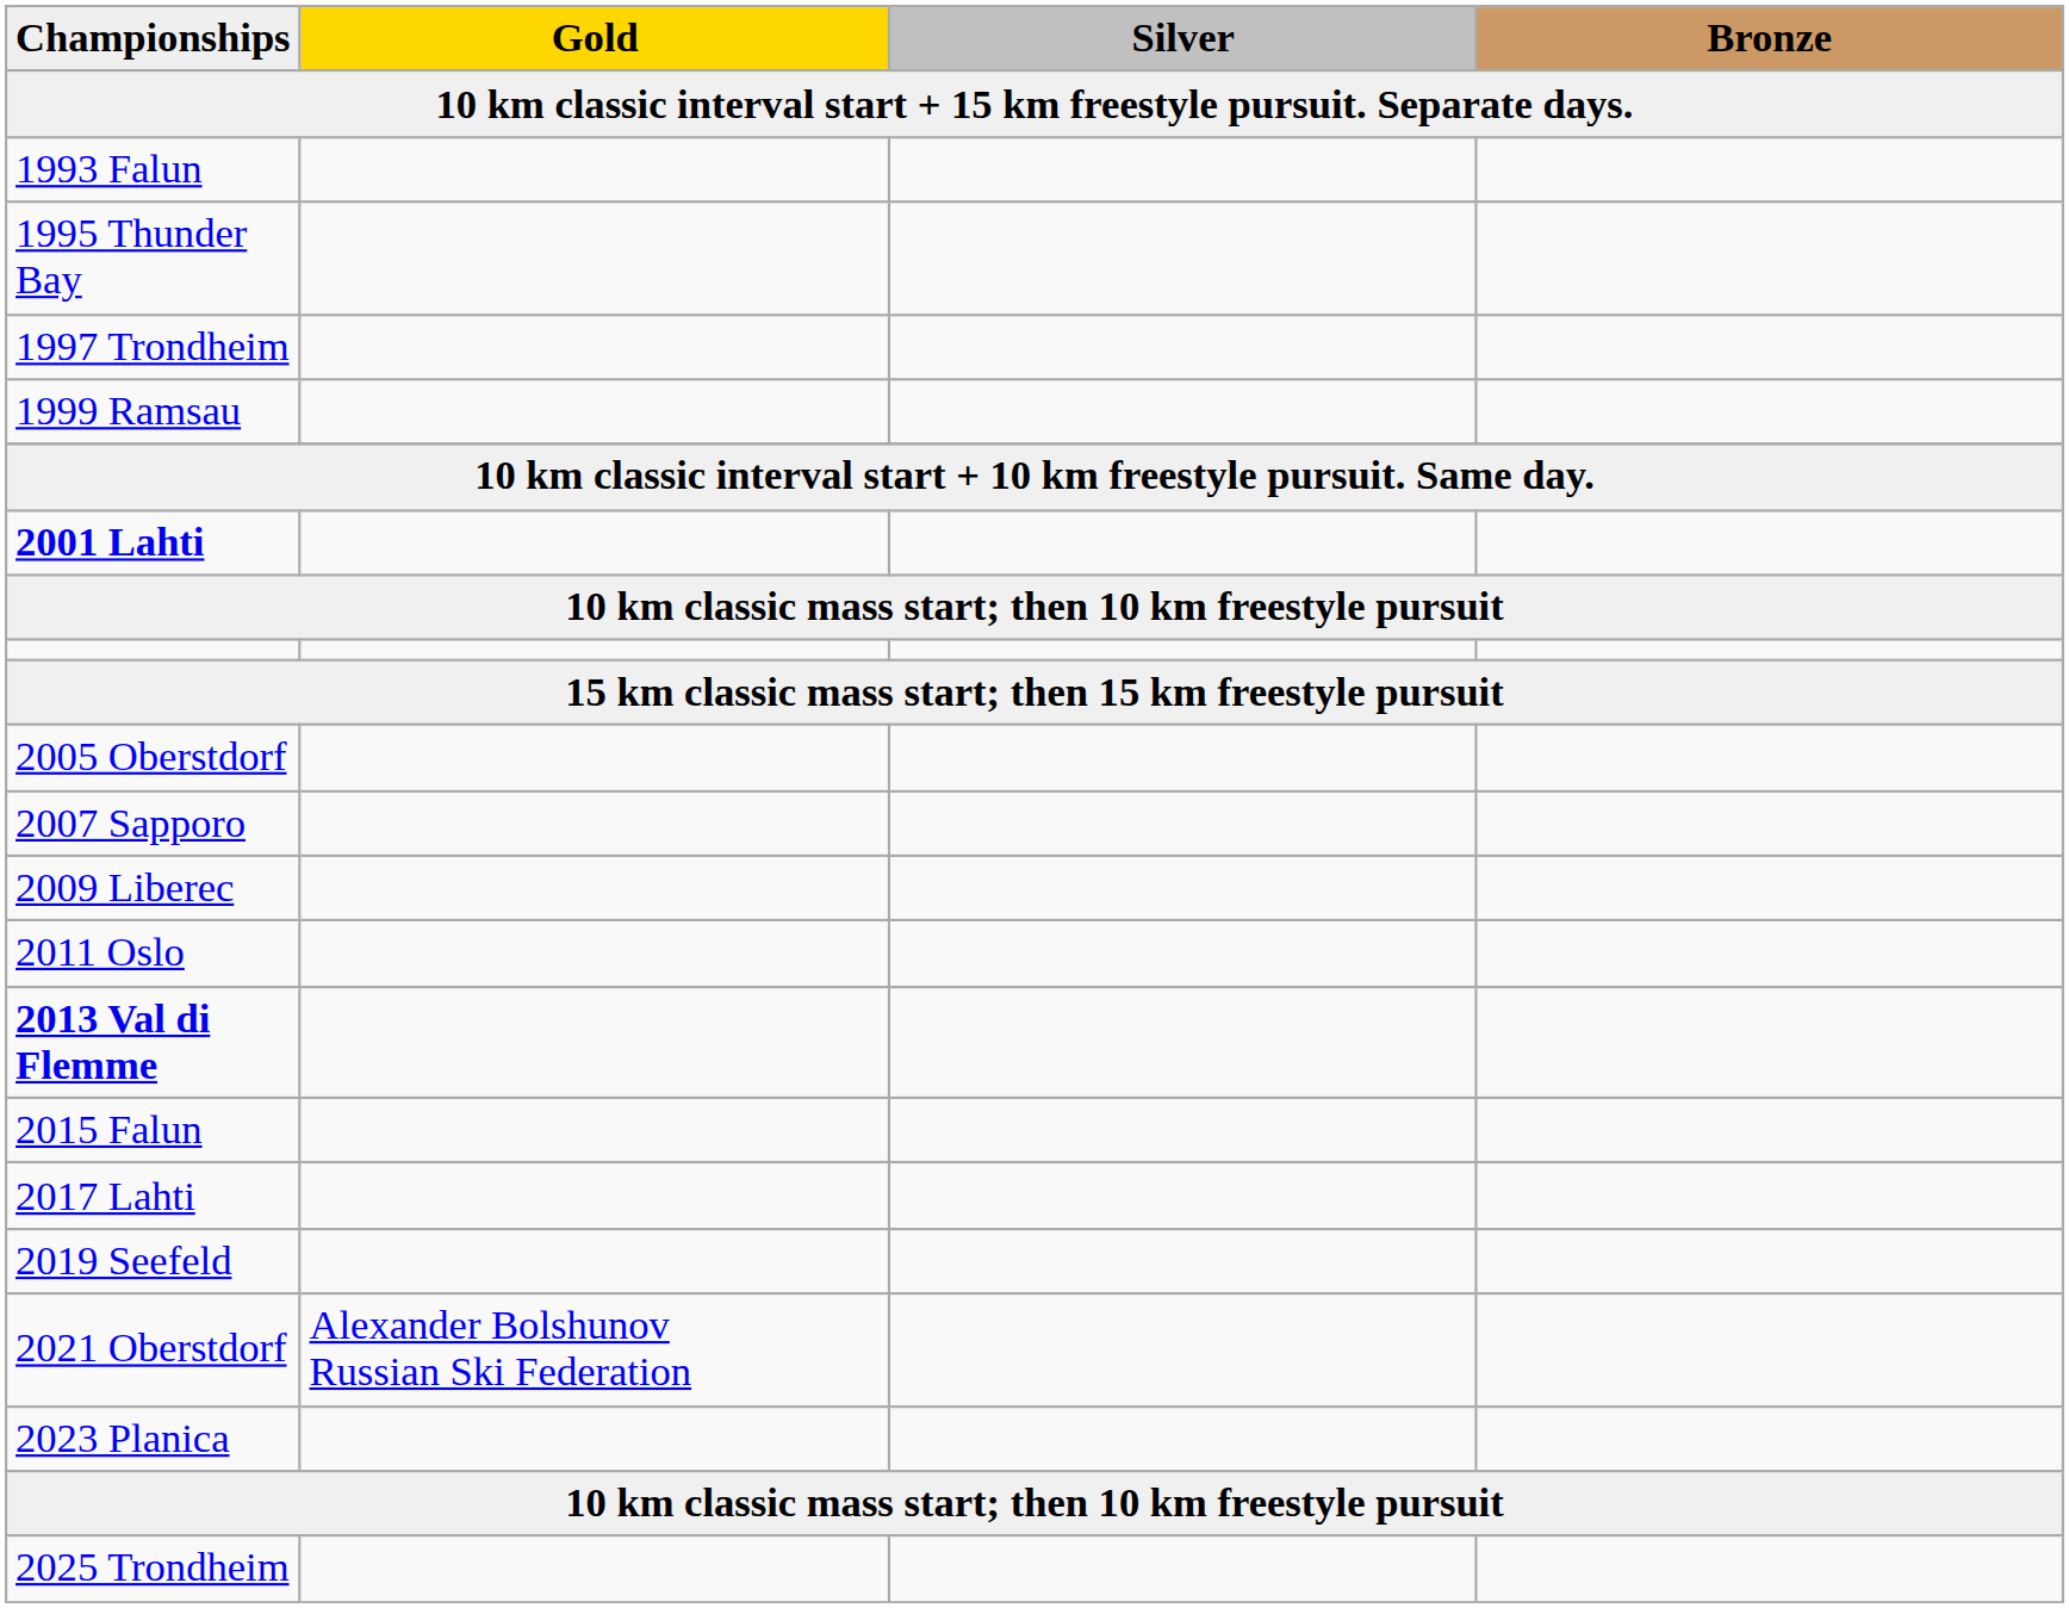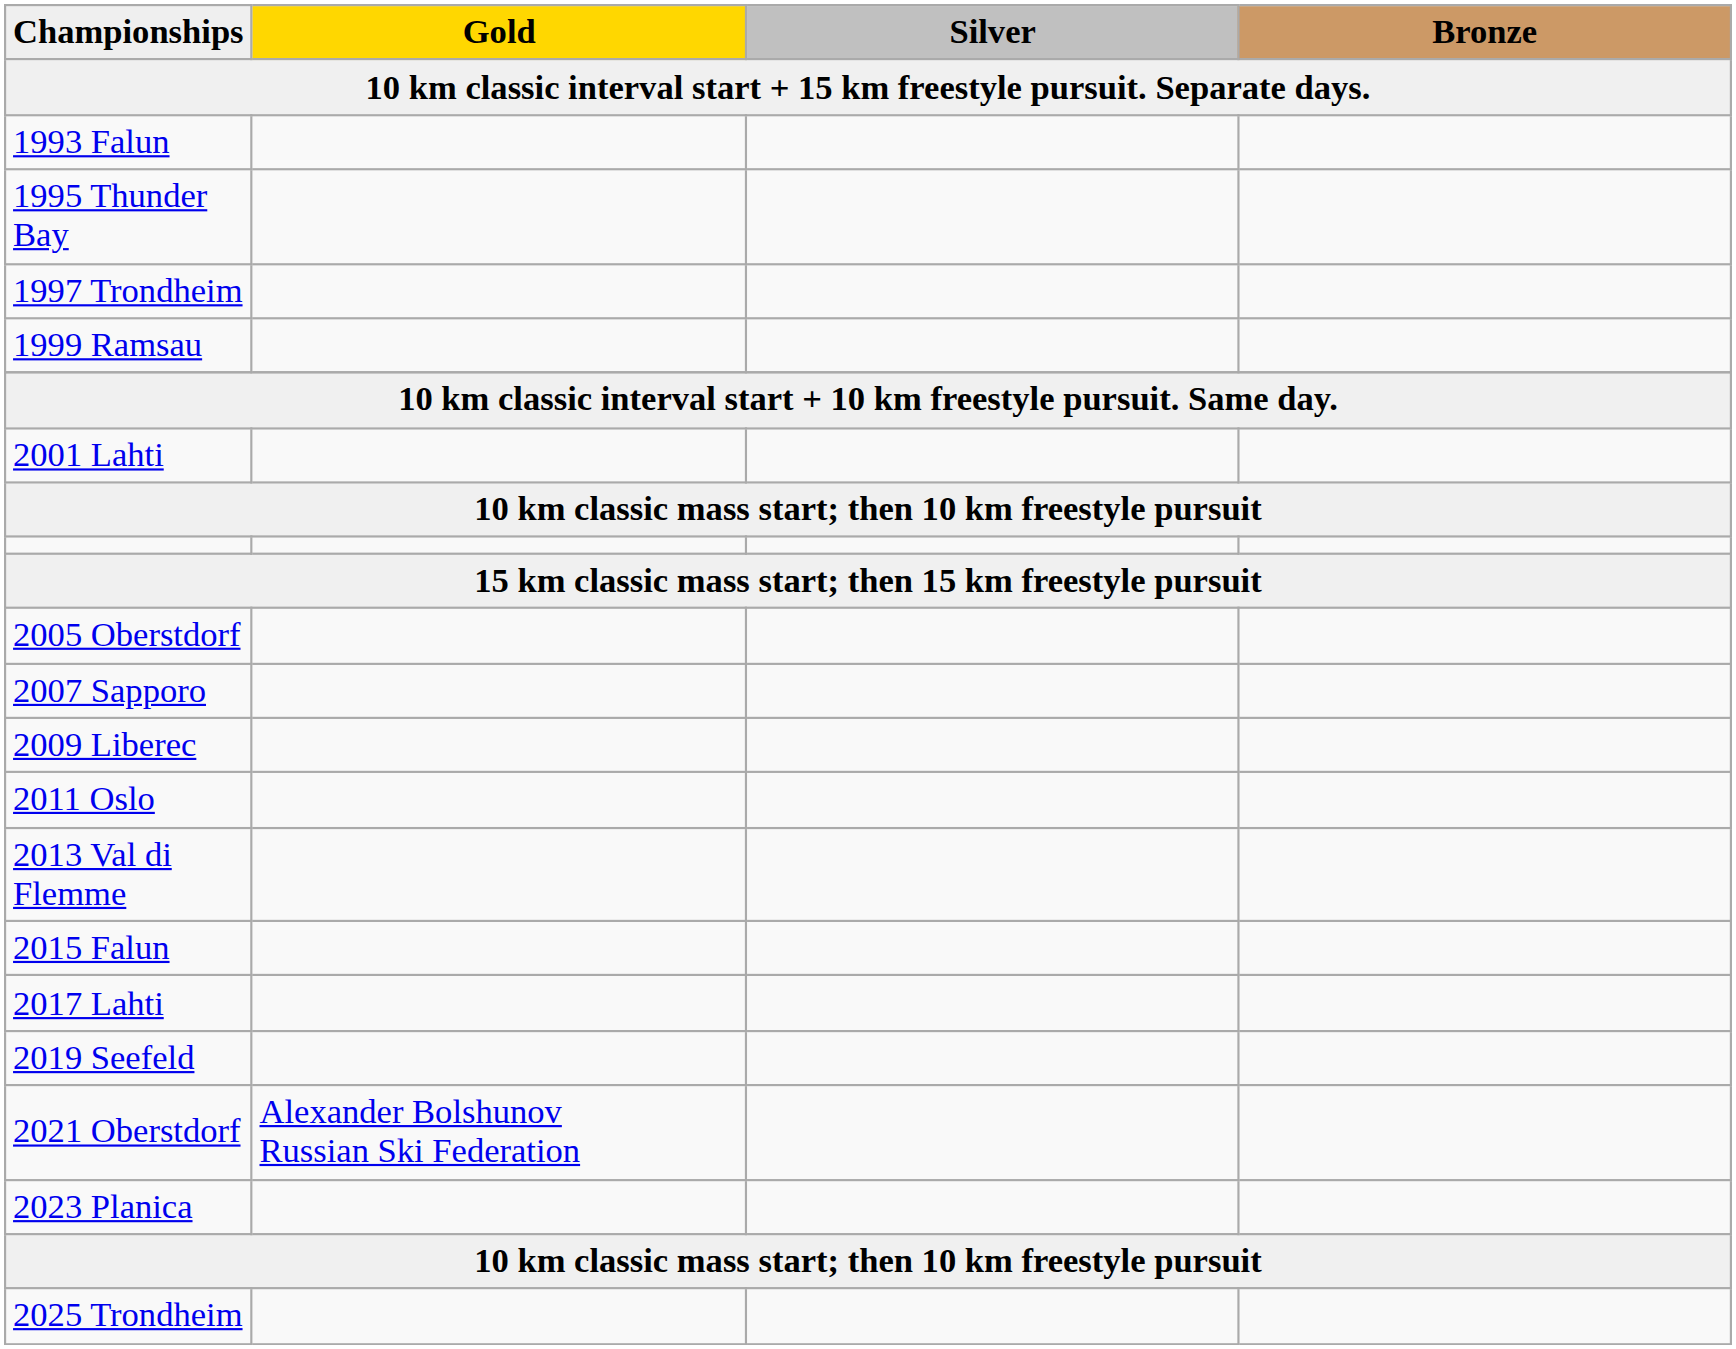 <table class="wikitable sortable" style="width:800px;">
 <tr>
 <th style="width:10%; background:#efefef;">Championships</th>
 <th style="width:30%; background:gold">Gold</th>
 <th style="width:30%; background:silver">Silver</th>
 <th style="width:30%; background:#CC9966">Bronze</th>
 </tr>
 <tr>
 <td colspan=4 align=center bgcolor=F0F0F0><strong>10 km classic interval start + 15 km freestyle pursuit. Separate days.</strong></td>
 </tr>
 <tr>
 <td><a href='#'>1993 Falun</a></td>
 <td></td>
 <td></td>
 <td></td>
 </tr>
 <tr>
 <td><a href='#'>1995 Thunder Bay</a></td>
 <td></td>
 <td></td>
 <td></td>
 </tr>
 <tr>
 <td><a href='#'>1997 Trondheim</a></td>
 <td></td>
 <td></td>
 <td></td>
 </tr>
 <tr>
 <td><a href='#'>1999 Ramsau</a></td>
 <td></td>
 <td></td>
 <td></td>
 </tr>
 <tr>
 </tr>
 <tr>
 <td colspan=4 align=center bgcolor=F0F0F0><strong>10 km classic interval start + 10 km freestyle pursuit. Same day.</strong></td>
 </tr>
 <tr>
-<td><strong><a href='#'>2001 Lahti</a></strong></td>
+<td><a href='#'>2001 Lahti</a></td>
 <td></td>
 <td></td>
 <td></td>
 </tr>
 <tr>
 <td colspan=4 align=center bgcolor=F0F0F0><strong>10 km classic mass start; then 10 km freestyle pursuit</strong></td>
 </tr>
 <tr>
 <td></td>
 <td></td>
 <td></td>
 <td></td>
 </tr>
 <tr>
 <td colspan=4 align=center bgcolor=F0F0F0><strong>15 km classic mass start; then 15 km freestyle pursuit</strong></td>
 </tr>
 <tr>
 <td><a href='#'>2005 Oberstdorf</a></td>
 <td></td>
 <td></td>
 <td></td>
 </tr>
 <tr>
 <td><a href='#'>2007 Sapporo</a></td>
 <td></td>
 <td></td>
 <td></td>
 </tr>
 <tr>
 <td><a href='#'>2009 Liberec</a></td>
 <td></td>
 <td></td>
 <td></td>
 </tr>
 <tr>
 <td><a href='#'>2011 Oslo</a></td>
 <td></td>
 <td></td>
 <td></td>
 </tr>
 <tr>
-<td><strong><a href='#'>2013 Val di Flemme</a></strong></td>
+<td><a href='#'>2013 Val di Flemme</a></td>
 <td></td>
 <td></td>
 <td></td>
 </tr>
 <tr>
 <td><a href='#'>2015 Falun</a></td>
 <td></td>
 <td></td>
 <td></td>
 </tr>
 <tr>
 <td><a href='#'>2017 Lahti</a></td>
 <td></td>
 <td></td>
 <td></td>
 </tr>
 <tr>
 <td><a href='#'>2019 Seefeld</a></td>
 <td></td>
 <td></td>
 <td></td>
 </tr>
 <tr>
 <td><a href='#'>2021 Oberstdorf</a></td>
 <td><a href='#'>Alexander Bolshunov</a><br> <a href='#'>Russian Ski Federation</a></td>
 <td></td>
 <td></td>
 </tr>
 <tr>
 <td><a href='#'>2023 Planica</a></td>
 <td></td>
 <td></td>
 <td></td>
 </tr>
 <tr>
 <td colspan=4 align=center bgcolor=F0F0F0><strong>10 km classic mass start; then 10 km freestyle pursuit</strong></td>
 </tr>
 <tr>
 <td><a href='#'>2025 Trondheim</a></td>
 <td></td>
 <td></td>
 <td></td>
 </tr>
 </table>
